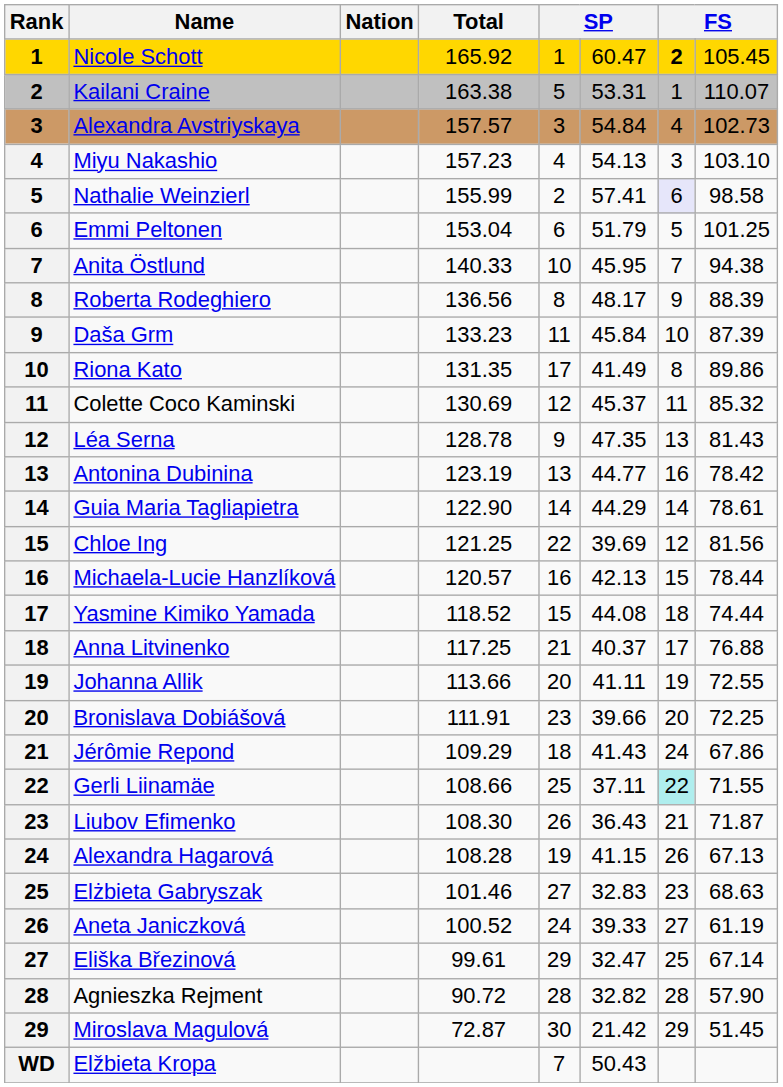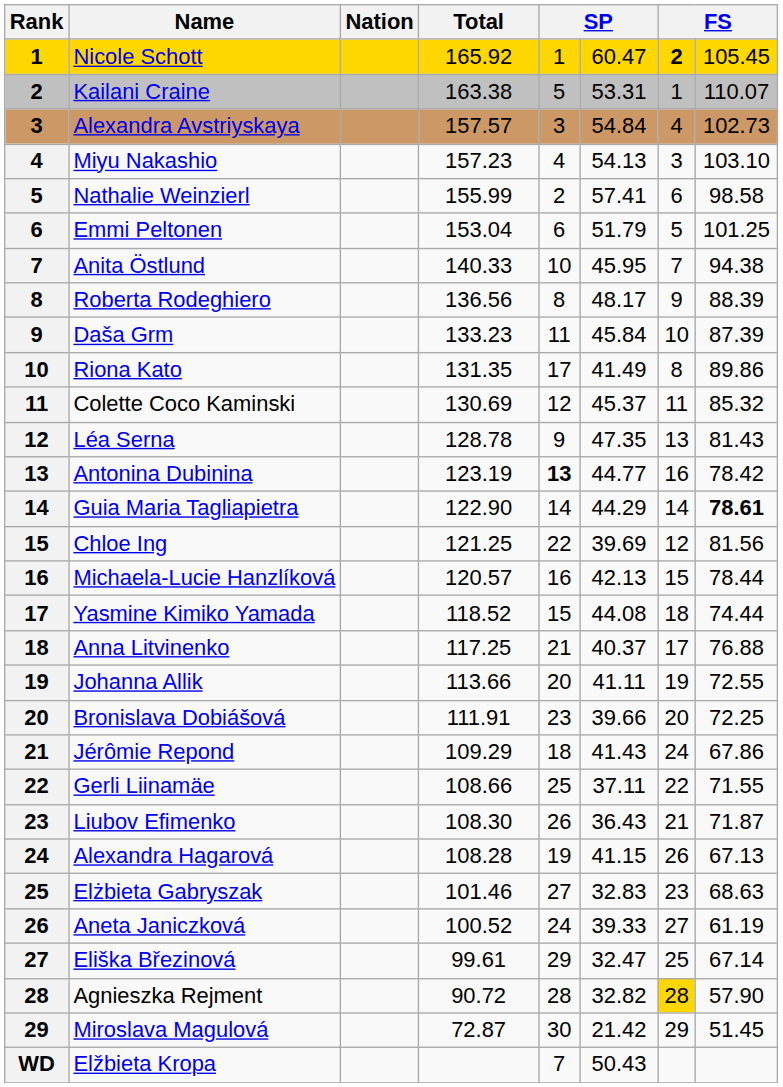 <table class="wikitable sortable">
 <tr>
 <th>Rank</th>
 <th>Name</th>
 <th>Nation</th>
 <th width="80px">Total</th>
 <th colspan="2" width="80px"><a href='#'>SP</a></th>
 <th colspan="2" width="80px"><a href='#'>FS</a></th>
 </tr>
 <tr bgcolor="gold">
 <td align="center"><strong>1</strong></td>
 <td><a href='#'>Nicole Schott</a></td>
 <td></td>
 <td align="center">165.92</td>
 <td align="center">1</td>
 <td align="center">60.47</td>
 <td align="center"><strong>2</strong></td>
 <td align="center">105.45</td>
 </tr>
 <tr bgcolor="silver">
 <td align="center"><strong>2</strong></td>
 <td><a href='#'>Kailani Craine</a></td>
 <td></td>
 <td align="center">163.38</td>
 <td align="center">5</td>
 <td align="center">53.31</td>
 <td align="center">1</td>
 <td align="center">110.07</td>
 </tr>
 <tr bgcolor="cc9966">
 <td align="center"><strong>3</strong></td>
 <td><a href='#'>Alexandra Avstriyskaya</a></td>
 <td></td>
 <td align="center">157.57</td>
 <td align="center">3</td>
 <td align="center">54.84</td>
 <td align="center">4</td>
 <td align="center">102.73</td>
 </tr>
 <tr>
 <th>4</th>
 <td><a href='#'>Miyu Nakashio</a></td>
 <td></td>
 <td align="center">157.23</td>
 <td align="center">4</td>
 <td align="center">54.13</td>
 <td align="center">3</td>
 <td align="center">103.10</td>
 </tr>
 <tr>
 <th>5</th>
 <td><a href='#'>Nathalie Weinzierl</a></td>
 <td></td>
 <td align="center">155.99</td>
 <td align="center">2</td>
 <td align="center">57.41</td>
-<td align="center" style="background: lavender;">6</td>
+<td align="center">6</td>
 <td align="center">98.58</td>
 </tr>
 <tr>
 <th>6</th>
 <td><a href='#'>Emmi Peltonen</a></td>
 <td></td>
 <td align="center">153.04</td>
 <td align="center">6</td>
 <td align="center">51.79</td>
 <td align="center">5</td>
 <td align="center">101.25</td>
 </tr>
 <tr>
 <th>7</th>
 <td><a href='#'>Anita Östlund</a></td>
 <td></td>
 <td align="center">140.33</td>
 <td align="center">10</td>
 <td align="center">45.95</td>
 <td align="center">7</td>
 <td align="center">94.38</td>
 </tr>
 <tr>
 <th>8</th>
 <td><a href='#'>Roberta Rodeghiero</a></td>
 <td></td>
 <td align="center">136.56</td>
 <td align="center">8</td>
 <td align="center">48.17</td>
 <td align="center">9</td>
 <td align="center">88.39</td>
 </tr>
 <tr>
 <th>9</th>
 <td><a href='#'>Daša Grm</a></td>
 <td></td>
 <td align="center">133.23</td>
 <td align="center">11</td>
 <td align="center">45.84</td>
 <td align="center">10</td>
 <td align="center">87.39</td>
 </tr>
 <tr>
 <th>10</th>
 <td><a href='#'>Riona Kato</a></td>
 <td></td>
 <td align="center">131.35</td>
 <td align="center">17</td>
 <td align="center">41.49</td>
 <td align="center">8</td>
 <td align="center">89.86</td>
 </tr>
 <tr>
 <th>11</th>
 <td>Colette Coco Kaminski</td>
 <td></td>
 <td align="center">130.69</td>
 <td align="center">12</td>
 <td align="center">45.37</td>
 <td align="center">11</td>
 <td align="center">85.32</td>
 </tr>
 <tr>
 <th>12</th>
 <td><a href='#'>Léa Serna</a></td>
 <td></td>
 <td align="center">128.78</td>
 <td align="center">9</td>
 <td align="center">47.35</td>
 <td align="center">13</td>
 <td align="center">81.43</td>
 </tr>
 <tr>
 <th>13</th>
 <td><a href='#'>Antonina Dubinina</a></td>
 <td></td>
 <td align="center">123.19</td>
-<td align="center">13</td>
+<td align="center"><strong>13</strong></td>
 <td align="center">44.77</td>
 <td align="center">16</td>
 <td align="center">78.42</td>
 </tr>
 <tr>
 <th>14</th>
 <td><a href='#'>Guia Maria Tagliapietra</a></td>
 <td></td>
 <td align="center">122.90</td>
 <td align="center">14</td>
 <td align="center">44.29</td>
 <td align="center">14</td>
-<td align="center">78.61</td>
+<td align="center"><strong>78.61</strong></td>
 </tr>
 <tr>
 <th>15</th>
 <td><a href='#'>Chloe Ing</a></td>
 <td></td>
 <td align="center">121.25</td>
 <td align="center">22</td>
 <td align="center">39.69</td>
 <td align="center">12</td>
 <td align="center">81.56</td>
 </tr>
 <tr>
 <th>16</th>
 <td><a href='#'>Michaela-Lucie Hanzlíková</a></td>
 <td></td>
 <td align="center">120.57</td>
 <td align="center">16</td>
 <td align="center">42.13</td>
 <td align="center">15</td>
 <td align="center">78.44</td>
 </tr>
 <tr>
 <th>17</th>
 <td><a href='#'>Yasmine Kimiko Yamada</a></td>
 <td></td>
 <td align="center">118.52</td>
 <td align="center">15</td>
 <td align="center">44.08</td>
 <td align="center">18</td>
 <td align="center">74.44</td>
 </tr>
 <tr>
 <th>18</th>
 <td><a href='#'>Anna Litvinenko</a></td>
 <td></td>
 <td align="center">117.25</td>
 <td align="center">21</td>
 <td align="center">40.37</td>
 <td align="center">17</td>
 <td align="center">76.88</td>
 </tr>
 <tr>
 <th>19</th>
 <td><a href='#'>Johanna Allik</a></td>
 <td></td>
 <td align="center">113.66</td>
 <td align="center">20</td>
 <td align="center">41.11</td>
 <td align="center">19</td>
 <td align="center">72.55</td>
 </tr>
 <tr>
 <th>20</th>
 <td><a href='#'>Bronislava Dobiášová</a></td>
 <td></td>
 <td align="center">111.91</td>
 <td align="center">23</td>
 <td align="center">39.66</td>
 <td align="center">20</td>
 <td align="center">72.25</td>
 </tr>
 <tr>
 <th>21</th>
 <td><a href='#'>Jérômie Repond</a></td>
 <td></td>
 <td align="center">109.29</td>
 <td align="center">18</td>
 <td align="center">41.43</td>
 <td align="center">24</td>
 <td align="center">67.86</td>
 </tr>
 <tr>
 <th>22</th>
 <td><a href='#'>Gerli Liinamäe</a></td>
 <td></td>
 <td align="center">108.66</td>
 <td align="center">25</td>
 <td align="center">37.11</td>
-<td align="center" style="background: paleturquoise;">22</td>
+<td align="center">22</td>
 <td align="center">71.55</td>
 </tr>
 <tr>
 <th>23</th>
 <td><a href='#'>Liubov Efimenko</a></td>
 <td></td>
 <td align="center">108.30</td>
 <td align="center">26</td>
 <td align="center">36.43</td>
 <td align="center">21</td>
 <td align="center">71.87</td>
 </tr>
 <tr>
 <th>24</th>
 <td><a href='#'>Alexandra Hagarová</a></td>
 <td></td>
 <td align="center">108.28</td>
 <td align="center">19</td>
 <td align="center">41.15</td>
 <td align="center">26</td>
 <td align="center">67.13</td>
 </tr>
 <tr>
 <th>25</th>
 <td><a href='#'>Elżbieta Gabryszak</a></td>
 <td></td>
 <td align="center">101.46</td>
 <td align="center">27</td>
 <td align="center">32.83</td>
 <td align="center">23</td>
 <td align="center">68.63</td>
 </tr>
 <tr>
 <th>26</th>
 <td><a href='#'>Aneta Janiczková</a></td>
 <td></td>
 <td align="center">100.52</td>
 <td align="center">24</td>
 <td align="center">39.33</td>
 <td align="center">27</td>
 <td align="center">61.19</td>
 </tr>
 <tr>
 <th>27</th>
 <td><a href='#'>Eliška Březinová</a></td>
 <td></td>
 <td align="center">99.61</td>
 <td align="center">29</td>
 <td align="center">32.47</td>
 <td align="center">25</td>
 <td align="center">67.14</td>
 </tr>
 <tr>
 <th>28</th>
 <td>Agnieszka Rejment</td>
 <td></td>
 <td align="center">90.72</td>
 <td align="center">28</td>
 <td align="center">32.82</td>
-<td align="center">28</td>
+<td align="center" style="background: gold;">28</td>
 <td align="center">57.90</td>
 </tr>
 <tr>
 <th>29</th>
 <td><a href='#'>Miroslava Magulová</a></td>
 <td></td>
 <td align="center">72.87</td>
 <td align="center">30</td>
 <td align="center">21.42</td>
 <td align="center">29</td>
 <td align="center">51.45</td>
 </tr>
 <tr>
 <th>WD</th>
 <td><a href='#'>Elžbieta Kropa</a></td>
 <td></td>
 <td align="center"></td>
 <td align="center">7</td>
 <td align="center">50.43</td>
 <td align="center"></td>
 <td align="center"></td>
 </tr>
 </table>
